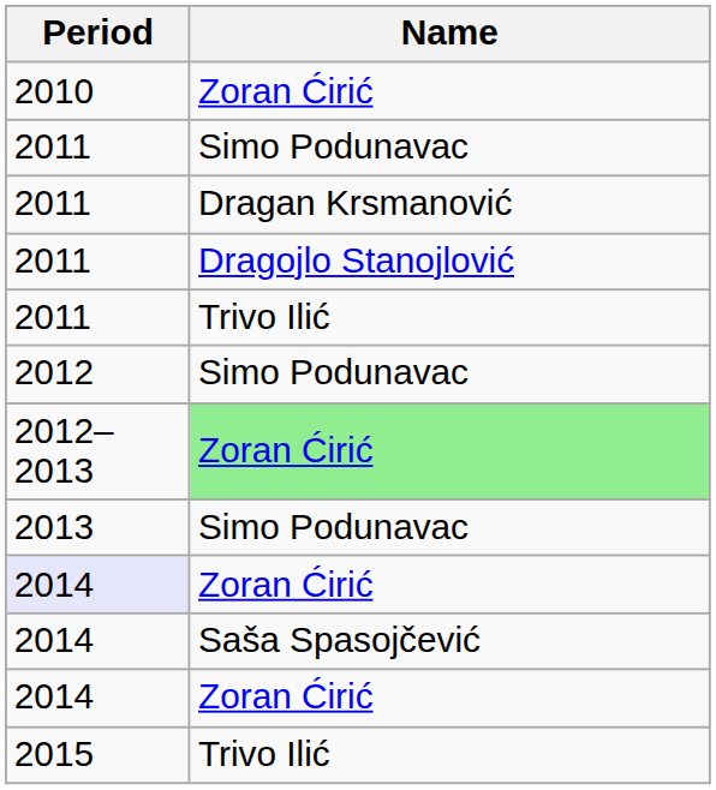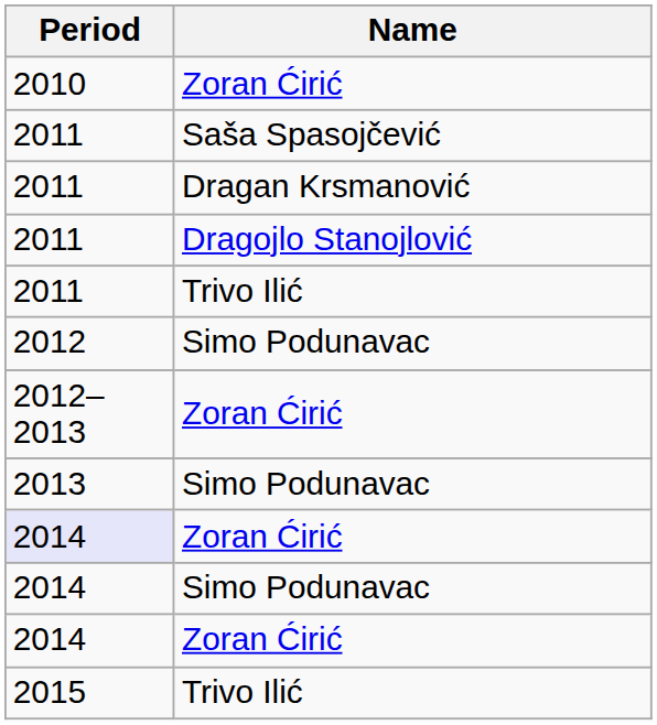 <table class="wikitable">
 <tr>
 <th width="75">Period</th>
 <th width="225">Name</th>
 </tr>
 <tr>
 <td>2010</td>
 <td> <a href='#'>Zoran Ćirić</a></td>
 </tr>
 <tr>
 <td>2011</td>
-<td> Simo Podunavac</td>
+<td> Saša Spasojčević</td>
 </tr>
 <tr>
 <td>2011</td>
 <td> Dragan Krsmanović</td>
 </tr>
 <tr>
 <td>2011</td>
 <td> <a href='#'>Dragojlo Stanojlović</a></td>
 </tr>
 <tr>
 <td>2011</td>
 <td> Trivo Ilić</td>
 </tr>
 <tr>
 <td>2012</td>
 <td> Simo Podunavac</td>
 </tr>
 <tr>
 <td>2012–2013</td>
-<td style="background: lightgreen;"> <a href='#'>Zoran Ćirić</a></td>
+<td> <a href='#'>Zoran Ćirić</a></td>
 </tr>
 <tr>
 <td>2013</td>
 <td> Simo Podunavac</td>
 </tr>
 <tr>
 <td style="background: lavender;">2014</td>
 <td> <a href='#'>Zoran Ćirić</a></td>
 </tr>
 <tr>
 <td>2014</td>
-<td> Saša Spasojčević</td>
+<td> Simo Podunavac</td>
 </tr>
 <tr>
 <td>2014</td>
 <td> <a href='#'>Zoran Ćirić</a></td>
 </tr>
 <tr>
 <td>2015</td>
 <td> Trivo Ilić</td>
 </tr>
 </table>
